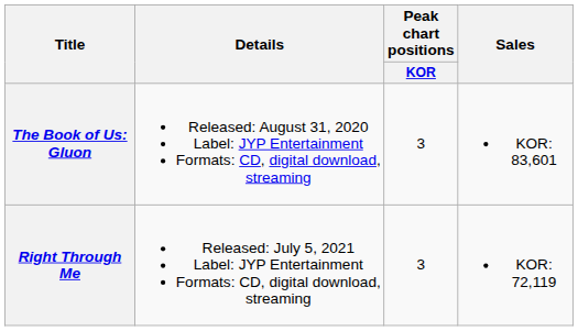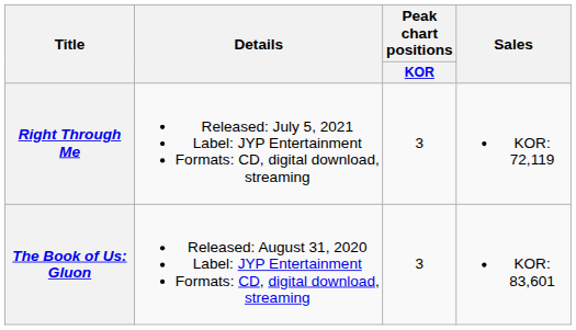 <table class="wikitable plainrowheaders" style="text-align:center;">
 <tr>
 <th scope="col" rowspan="2">Title</th>
 <th scope="col" rowspan="2">Details</th>
 <th scope="col" colspan="1">Peak<br>chart<br>positions</th>
 <th scope="col" rowspan="2">Sales</th>
 </tr>
 <tr>
 <th scope="col" style="width:3em;font-size:90%;"><a href='#'>KOR</a><br></th>
 </tr>
 <tr>
+<th scope="row"><em><a href='#'>Right Through Me</a></em></th>
+<td><br><ul><li>Released: July 5, 2021</li><li>Label: JYP Entertainment</li><li>Formats: CD, digital download, streaming</li></ul></td>
+<td>3</td>
+<td><br><ul><li>KOR: 72,119</li></ul></td>
+</tr>
+<tr>
 <th scope="row"><em><a href='#'>The Book of Us: Gluon</a></em></th>
 <td><br><ul><li>Released: August 31, 2020</li><li>Label: <a href='#'>JYP Entertainment</a></li><li>Formats: <a href='#'>CD</a>, <a href='#'>digital download</a>, <a href='#'>streaming</a></li></ul></td>
 <td>3</td>
 <td><br><ul><li>KOR: 83,601</li></ul></td>
 </tr>
-<tr>
-<th scope="row"><em><a href='#'>Right Through Me</a></em></th>
-<td><br><ul><li>Released: July 5, 2021</li><li>Label: JYP Entertainment</li><li>Formats: CD, digital download, streaming</li></ul></td>
-<td>3</td>
-<td><br><ul><li>KOR: 72,119</li></ul></td>
-</tr>
 </table>
